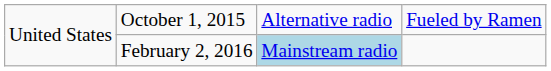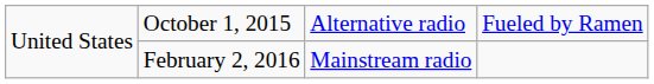 <table class="wikitable plainrowheaders">
 <tr>
 <td rowspan="2">United States</td>
 <td>October 1, 2015</td>
 <td><a href='#'>Alternative radio</a></td>
 <td><a href='#'>Fueled by Ramen</a></td>
 </tr>
 <tr>
 <td>February 2, 2016</td>
-<td style="background: lightblue;"><a href='#'>Mainstream radio</a></td>
+<td><a href='#'>Mainstream radio</a></td>
 <td></td>
 </tr>
 </table>
